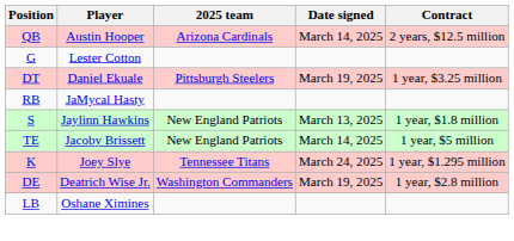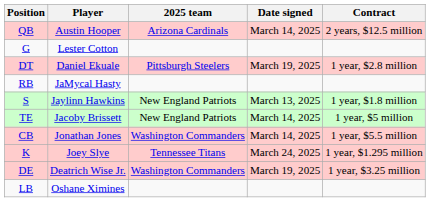 <table class="wikitable" style="text-align:center">
 <tr>
 <th>Position</th>
 <th>Player</th>
 <th>2025 team</th>
 <th>Date signed</th>
 <th>Contract</th>
 </tr>
 <tr style="background:#fcc;">
 <td><a href='#'>QB</a></td>
 <td><a href='#'>Austin Hooper</a></td>
 <td><a href='#'>Arizona Cardinals</a></td>
 <td>March 14, 2025</td>
 <td>2 years, $12.5 million</td>
 </tr>
 <tr>
 <td><a href='#'>G</a></td>
 <td><a href='#'>Lester Cotton</a></td>
 <td></td>
 <td></td>
 <td></td>
 </tr>
 <tr style="background:#fcc;">
 <td><a href='#'>DT</a></td>
 <td><a href='#'>Daniel Ekuale</a></td>
 <td><a href='#'>Pittsburgh Steelers</a></td>
 <td>March 19, 2025</td>
-<td>1 year, $3.25 million</td>
+<td>1 year, $2.8 million</td>
 </tr>
 <tr>
 <td><a href='#'>RB</a></td>
 <td><a href='#'>JaMycal Hasty</a></td>
 <td></td>
 <td></td>
 <td></td>
 </tr>
 <tr style="background:#cfc;">
 <td><a href='#'>S</a></td>
 <td><a href='#'>Jaylinn Hawkins</a></td>
 <td>New England Patriots</td>
 <td>March 13, 2025</td>
 <td>1 year, $1.8 million</td>
 </tr>
 <tr style="background:#cfc;">
 <td><a href='#'>TE</a></td>
 <td><a href='#'>Jacoby Brissett</a></td>
 <td>New England Patriots</td>
 <td>March 14, 2025</td>
 <td>1 year, $5 million</td>
 </tr>
 <tr style="background:#fcc;">
+<td><a href='#'>CB</a></td>
+<td><a href='#'>Jonathan Jones</a></td>
+<td><a href='#'>Washington Commanders</a></td>
+<td>March 14, 2025</td>
+<td>1 year, $5.5 million</td>
+</tr>
+<tr style="background:#fcc;">
 <td><a href='#'>K</a></td>
 <td><a href='#'>Joey Slye</a></td>
 <td><a href='#'>Tennessee Titans</a></td>
 <td>March 24, 2025</td>
 <td>1 year, $1.295 million</td>
 </tr>
 <tr style="background:#fcc;">
 <td><a href='#'>DE</a></td>
 <td><a href='#'>Deatrich Wise Jr.</a></td>
 <td><a href='#'>Washington Commanders</a></td>
 <td>March 19, 2025</td>
-<td>1 year, $2.8 million</td>
+<td>1 year, $3.25 million</td>
 </tr>
 <tr>
 <td><a href='#'>LB</a></td>
 <td><a href='#'>Oshane Ximines</a></td>
 <td></td>
 <td></td>
 <td></td>
 </tr>
 </table>
